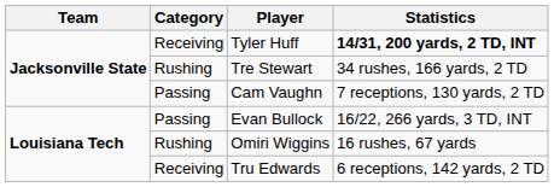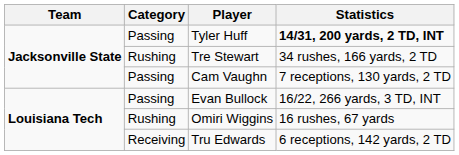 <table class="wikitable" style="float: right;">
 <tr>
 <th>Team</th>
 <th>Category</th>
 <th>Player</th>
 <th>Statistics</th>
 </tr>
 <tr>
 <td rowspan=3><strong>Jacksonville State</strong></td>
-<td>Receiving</td>
+<td>Passing</td>
 <td>Tyler Huff</td>
 <td><strong>14/31, 200 yards, 2 TD, INT</strong></td>
 </tr>
 <tr>
 <td>Rushing</td>
 <td>Tre Stewart</td>
 <td>34 rushes, 166 yards, 2 TD</td>
 </tr>
 <tr>
 <td>Passing</td>
 <td>Cam Vaughn</td>
 <td>7 receptions, 130 yards, 2 TD</td>
 </tr>
 <tr>
 <td rowspan=3><strong>Louisiana Tech</strong></td>
 <td>Passing</td>
 <td>Evan Bullock</td>
 <td>16/22, 266 yards, 3 TD, INT</td>
 </tr>
 <tr>
 <td>Rushing</td>
 <td>Omiri Wiggins</td>
 <td>16 rushes, 67 yards</td>
 </tr>
 <tr>
 <td>Receiving</td>
 <td>Tru Edwards</td>
 <td>6 receptions, 142 yards, 2 TD</td>
 </tr>
 </table>
